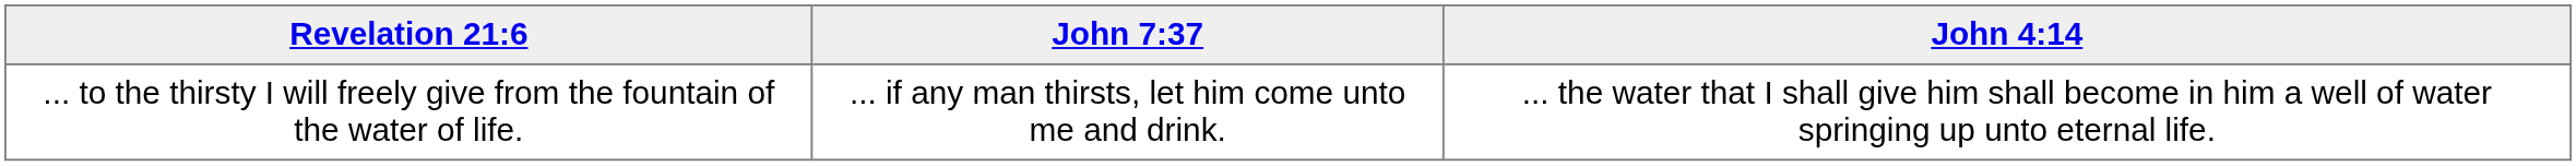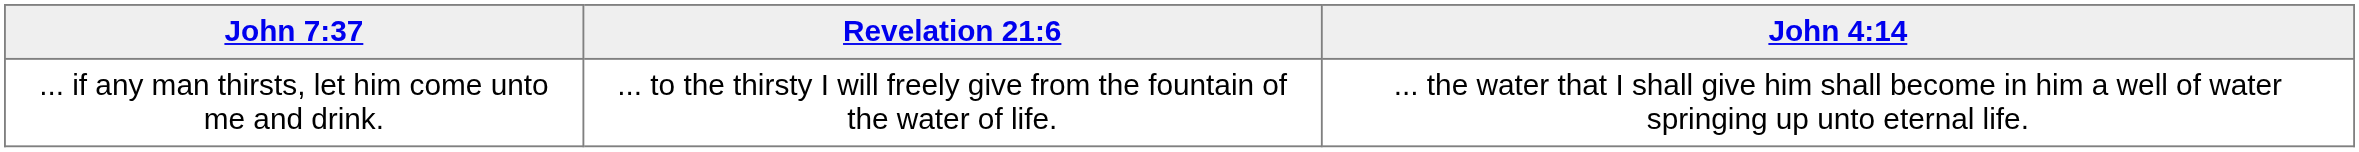 <table style=border-collapse:collapse border=1 cellspacing=0 cellpadding=5>
 <tr align=center bgcolor=#efefef>
+<th><a href='#'>John 7:37</a></th>
 <th><a href='#'>Revelation 21:6</a></th>
-<th><a href='#'>John 7:37</a></th>
 <th><a href='#'>John 4:14</a></th>
 </tr>
 <tr align=center>
+<td>... if any man thirsts, let him come unto me and drink.</td>
 <td>... to the thirsty I will freely give from the fountain of the water of life.</td>
-<td>... if any man thirsts, let him come unto me and drink.</td>
 <td>... the water that I shall give him shall become in him a well of water springing up unto eternal life.</td>
 </tr>
 </table>
